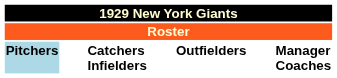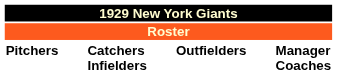 <table class="toccolours" style="font-size: 95%;">
 <tr>
 <th colspan="10" style="background-color: black; color: #FFFDD0; text-align: center;">1929 New York Giants</th>
 </tr>
 <tr>
 <td colspan="10" style="background-color: #fd5a1e; color: #FFFDD0; text-align: center;"><strong>Roster</strong></td>
 </tr>
 <tr>
-<td valign="top" style="background: lightblue;"><strong>Pitchers</strong><br>                 </td>
+<td valign="top"><strong>Pitchers</strong><br>                 </td>
 <td width="25px"></td>
 <td valign="top"><strong>Catchers</strong><br>      <strong>Infielders</strong>               </td>
 <td width="25px"></td>
 <td valign="top"><strong>Outfielders</strong><br>        </td>
 <td width="25px"></td>
 <td valign="top"><strong>Manager</strong><br> <strong>Coaches</strong> </td>
 </tr>
 </table>
